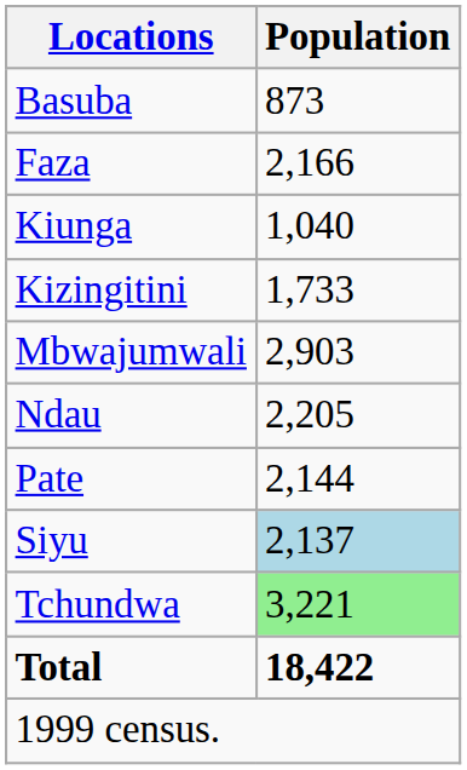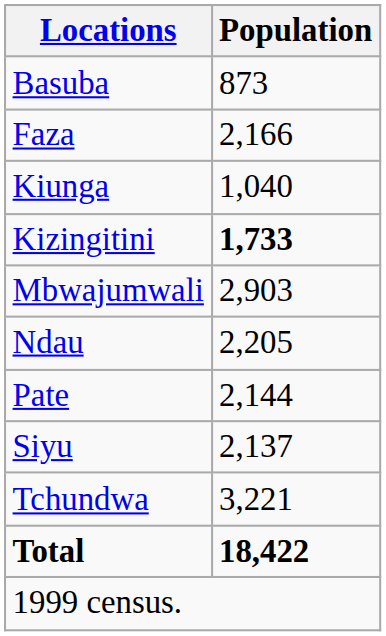 <table class="wikitable">
 <tr>
 <th><a href='#'>Locations</a></th>
 <th>Population</th>
 </tr>
 <tr>
 <td><a href='#'>Basuba</a></td>
 <td>873</td>
 </tr>
 <tr>
 <td><a href='#'>Faza</a></td>
 <td>2,166</td>
 </tr>
 <tr>
 <td><a href='#'>Kiunga</a></td>
 <td>1,040</td>
 </tr>
 <tr>
 <td><a href='#'>Kizingitini</a></td>
-<td>1,733</td>
+<td><strong>1,733</strong></td>
 </tr>
 <tr>
 <td><a href='#'>Mbwajumwali</a></td>
 <td>2,903</td>
 </tr>
 <tr>
 <td><a href='#'>Ndau</a></td>
 <td>2,205</td>
 </tr>
 <tr>
 <td><a href='#'>Pate</a></td>
 <td>2,144</td>
 </tr>
 <tr>
 <td><a href='#'>Siyu</a></td>
-<td style="background: lightblue;">2,137</td>
+<td>2,137</td>
 </tr>
 <tr>
 <td><a href='#'>Tchundwa</a></td>
-<td style="background: lightgreen;">3,221</td>
+<td>3,221</td>
 </tr>
 <tr>
 <td><strong>Total</strong></td>
 <td><strong>18,422</strong></td>
 </tr>
 <tr>
 <td colspan="2">1999 census.</td>
 </tr>
 </table>
